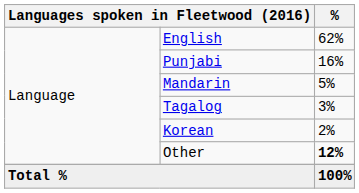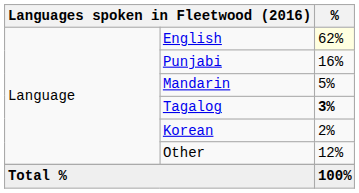 <table class="wikitable">
 <tr>
 <th colspan=2>Languages spoken in Fleetwood (2016)<br></th>
 <th>%</th>
 </tr>
 <tr>
 <td rowspan=6>Language</td>
 <td><a href='#'>English</a></td>
-<td>62%</td>
+<td style="background: lightyellow;">62%</td>
 </tr>
 <tr>
 <td><a href='#'>Punjabi</a></td>
 <td>16%</td>
 </tr>
 <tr>
 <td><a href='#'>Mandarin</a></td>
 <td>5%</td>
 </tr>
 <tr>
 <td><a href='#'>Tagalog</a></td>
-<td>3%</td>
+<td><strong>3%</strong></td>
 </tr>
 <tr>
 <td><a href='#'>Korean</a></td>
 <td>2%</td>
 </tr>
 <tr>
 <td>Other</td>
-<td><strong>12%</strong></td>
+<td>12%</td>
 </tr>
 <tr>
 </tr>
 <tr style="background:#efefef; font-weight:bold">
 <td colspan=2>Total %</td>
 <td>100%</td>
 </tr>
 </table>
